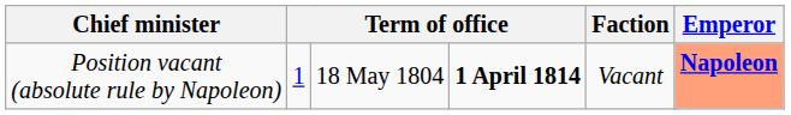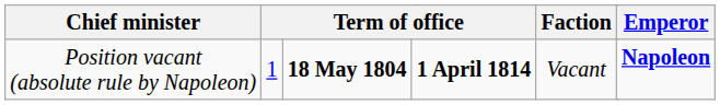 <table class="wikitable" style="text-align:center">
 <tr>
 <th>Chief minister</th>
 <th colspan=3>Term of office</th>
 <th colspan=2>Faction</th>
 <th><a href='#'>Emperor</a><br></th>
 </tr>
 <tr>
 <td><em>Position vacant<br>(absolute rule by Napoleon)</em></td>
 <td><a href='#'>1</a></td>
-<td>18 May 1804</td>
+<td><strong>18 May 1804</strong></td>
 <td><strong>1 April 1814</strong></td>
 <td colspan=2><em>Vacant</em></td>
-<td align="center" style="background: lightsalmon;"><strong><a href='#'>Napoleon</a></strong><br><br></td>
+<td align="center"><strong><a href='#'>Napoleon</a></strong><br><br></td>
 </tr>
 </table>
